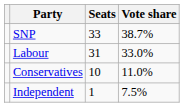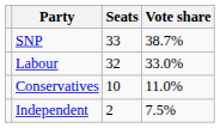 <table class="wikitable">
 <tr>
 <th></th>
 <th scope="col">Party</th>
 <th scope="col">Seats</th>
 <th scope="col">Vote share</th>
 </tr>
 <tr>
 <td style="background-color: "></td>
 <td scope="row"><a href='#'>SNP</a></td>
 <td>33</td>
 <td>38.7%</td>
 </tr>
 <tr>
 <td style="background-color: "></td>
 <td scope="row"><a href='#'>Labour</a></td>
-<td>31</td>
+<td>32</td>
 <td>33.0%</td>
 </tr>
 <tr>
 <td style="background-color: "></td>
 <td scope="row"><a href='#'>Conservatives</a></td>
 <td>10</td>
 <td>11.0%</td>
 </tr>
 <tr>
 <td style="background-color: "></td>
 <td scope="row"><a href='#'>Independent</a></td>
-<td>1</td>
+<td>2</td>
 <td>7.5%</td>
 </tr>
 </table>
